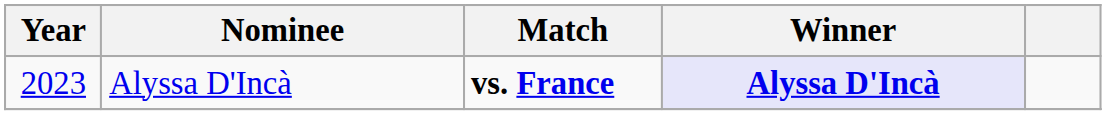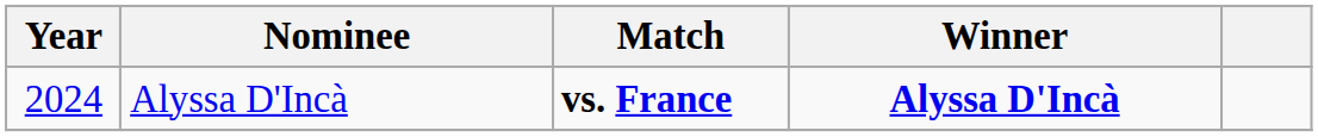 <table class="wikitable">
 <tr>
 <th width=40>Year</th>
 <th width=170>Nominee</th>
 <th width=90>Match</th>
 <th width=170>Winner</th>
 <th width=30></th>
 </tr>
 <tr>
-<td align=center><a href='#'>2023</a></td>
+<td align=center><a href='#'>2024</a></td>
 <td><a href='#'>Alyssa D'Incà</a></td>
 <td><strong>vs. <a href='#'>France</a></strong></td>
-<td align=center style="background: lavender;"><strong><a href='#'>Alyssa D'Incà</a></strong></td>
+<td align=center><strong><a href='#'>Alyssa D'Incà</a></strong></td>
 <td align=center></td>
 </tr>
 <tr>
 </tr>
 </table>
